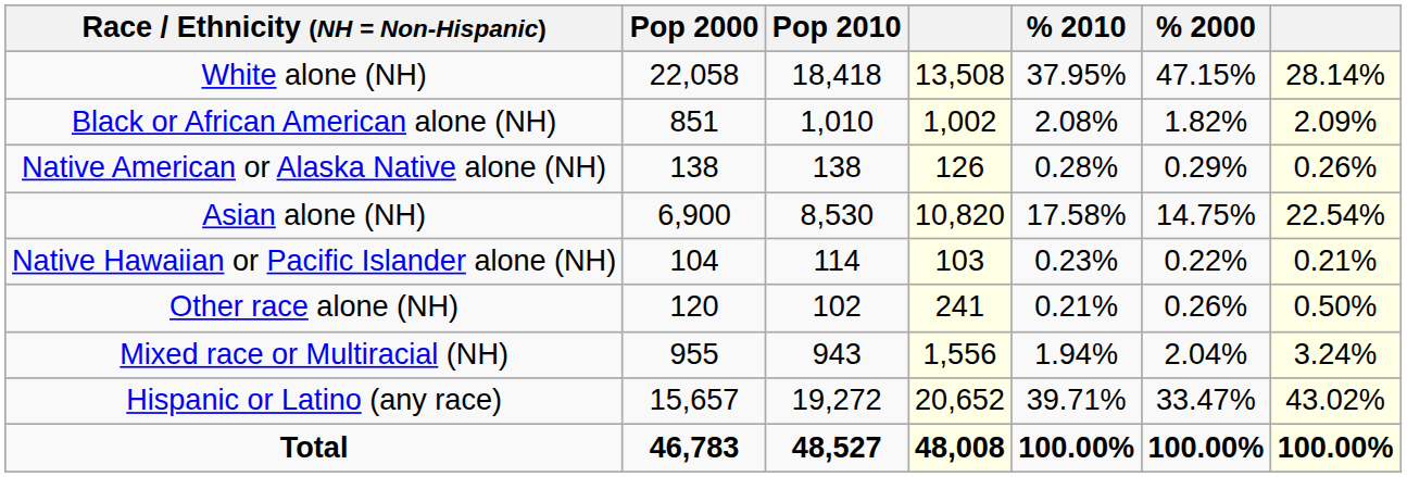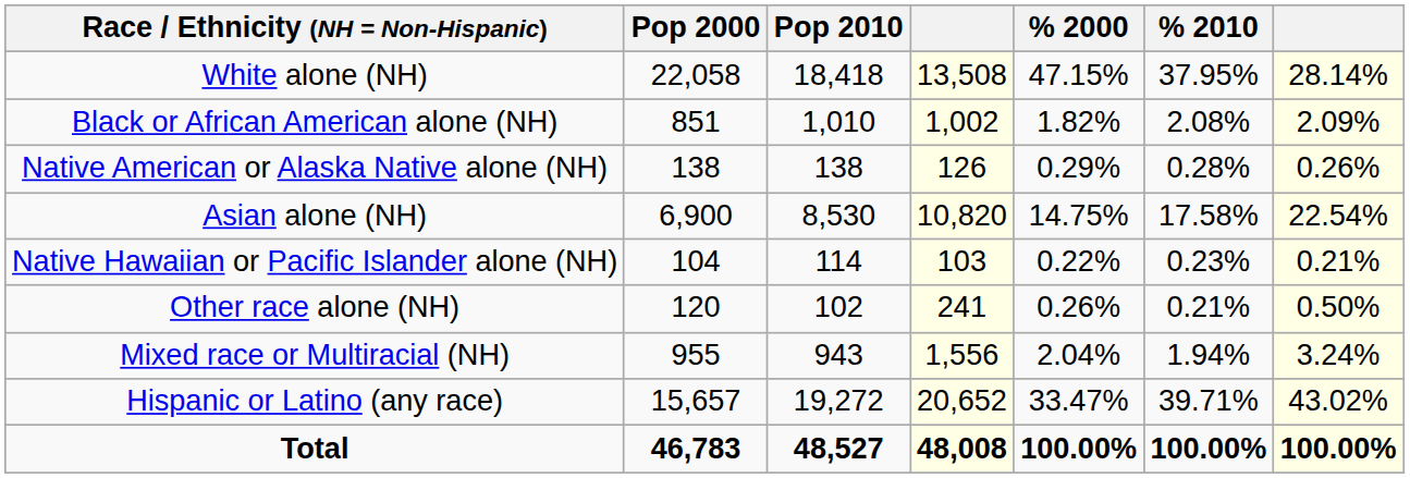 <table class="wikitable" style="text-align:center;">
 <tr>
 <th>Race / Ethnicity <small>(<em>NH = Non-Hispanic</em>)</small></th>
 <th>Pop 2000</th>
 <th>Pop 2010</th>
 <th></th>
+<th>% 2000</th>
 <th>% 2010</th>
-<th>% 2000</th>
 <th></th>
 </tr>
 <tr>
 <td><a href='#'>White</a> alone (NH)</td>
 <td>22,058</td>
 <td>18,418</td>
 <td style='background: #ffffe6;'>13,508</td>
+<td>47.15%</td>
 <td>37.95%</td>
-<td>47.15%</td>
 <td style='background: #ffffe6;'>28.14%</td>
 </tr>
 <tr>
 <td><a href='#'>Black or African American</a> alone (NH)</td>
 <td>851</td>
 <td>1,010</td>
 <td style='background: #ffffe6;'>1,002</td>
+<td>1.82%</td>
 <td>2.08%</td>
-<td>1.82%</td>
 <td style='background: #ffffe6;'>2.09%</td>
 </tr>
 <tr>
 <td><a href='#'>Native American</a> or <a href='#'>Alaska Native</a> alone (NH)</td>
 <td>138</td>
 <td>138</td>
 <td style='background: #ffffe6;'>126</td>
+<td>0.29%</td>
 <td>0.28%</td>
-<td>0.29%</td>
 <td style='background: #ffffe6;'>0.26%</td>
 </tr>
 <tr>
 <td><a href='#'>Asian</a> alone (NH)</td>
 <td>6,900</td>
 <td>8,530</td>
 <td style='background: #ffffe6;'>10,820</td>
+<td>14.75%</td>
 <td>17.58%</td>
-<td>14.75%</td>
 <td style='background: #ffffe6;'>22.54%</td>
 </tr>
 <tr>
 <td><a href='#'>Native Hawaiian</a> or <a href='#'>Pacific Islander</a> alone (NH)</td>
 <td>104</td>
 <td>114</td>
 <td style='background: #ffffe6;'>103</td>
+<td>0.22%</td>
 <td>0.23%</td>
-<td>0.22%</td>
 <td style='background: #ffffe6;'>0.21%</td>
 </tr>
 <tr>
 <td><a href='#'>Other race</a> alone (NH)</td>
 <td>120</td>
 <td>102</td>
 <td style='background: #ffffe6;'>241</td>
+<td>0.26%</td>
 <td>0.21%</td>
-<td>0.26%</td>
 <td style='background: #ffffe6;'>0.50%</td>
 </tr>
 <tr>
 <td><a href='#'>Mixed race or Multiracial</a> (NH)</td>
 <td>955</td>
 <td>943</td>
 <td style='background: #ffffe6;'>1,556</td>
+<td>2.04%</td>
 <td>1.94%</td>
-<td>2.04%</td>
 <td style='background: #ffffe6;'>3.24%</td>
 </tr>
 <tr>
 <td><a href='#'>Hispanic or Latino</a> (any race)</td>
 <td>15,657</td>
 <td>19,272</td>
 <td style='background: #ffffe6;'>20,652</td>
+<td>33.47%</td>
 <td>39.71%</td>
-<td>33.47%</td>
 <td style='background: #ffffe6;'>43.02%</td>
 </tr>
 <tr>
 <td><strong>Total</strong></td>
 <td><strong>46,783</strong></td>
 <td><strong>48,527</strong></td>
 <td style='background: #ffffe6;'><strong>48,008</strong></td>
 <td><strong>100.00%</strong></td>
 <td><strong>100.00%</strong></td>
 <td style='background: #ffffe6;'><strong>100.00%</strong></td>
 </tr>
 </table>
